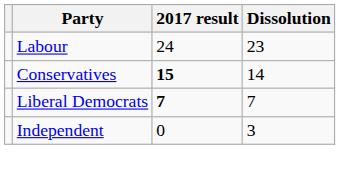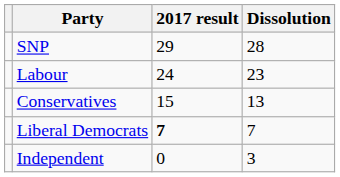 <table class="wikitable">
 <tr>
 <th></th>
 <th scope="col">Party</th>
 <th scope="col">2017 result</th>
 <th scope="col">Dissolution</th>
+</tr>
+<tr>
+<td style="background-color: "></td>
+<td scope="row"><a href='#'>SNP</a></td>
+<td>29</td>
+<td>28</td>
 </tr>
 <tr>
 <td style="background-color: "></td>
 <td scope="row"><a href='#'>Labour</a></td>
 <td>24</td>
 <td>23</td>
 </tr>
 <tr>
 <td style="background-color: "></td>
 <td scope="row"><a href='#'>Conservatives</a></td>
-<td><strong>15</strong></td>
-<td>14</td>
+<td>15</td>
+<td>13</td>
 </tr>
 <tr>
 <td style="background-color: "></td>
 <td scope="row"><a href='#'>Liberal Democrats</a></td>
 <td><strong>7</strong></td>
 <td>7</td>
 </tr>
 <tr>
 <td style="background-color: "></td>
 <td scope="row"><a href='#'>Independent</a></td>
 <td>0</td>
 <td>3</td>
 </tr>
 </table>
